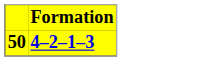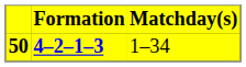 <table class="toccolours" border="0" cellpadding="2" cellspacing="0" align="center" style="margin: 0.5em 0 1em 1em; background: #000000; border: 1px #aaaaaa solid;">
 <tr bgcolor=#FFFF00>
 <th></th>
 <th>Formation</th>
+<th>Matchday(s)</th>
 </tr>
 <tr bgcolor=#FFFF00>
 <td><strong>50</strong></td>
 <td><a href='#'><span><strong>4–2–1–3</strong></span></a></td>
+<td>1–34</td>
 </tr>
 </table>
